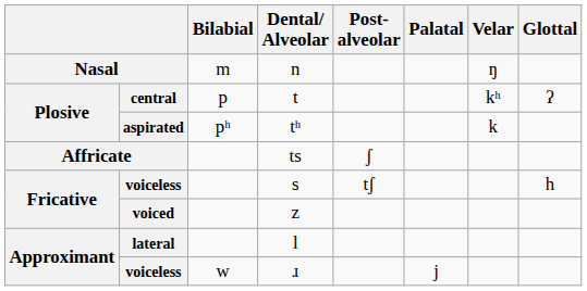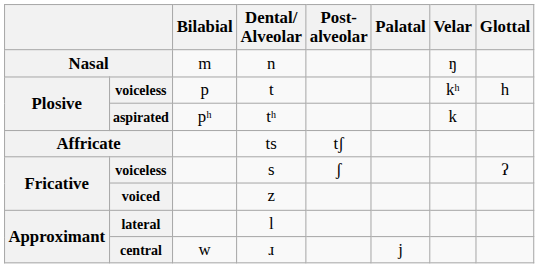 <table class="wikitable" style="text-align: center;">
 <tr>
 <th colspan="2"></th>
 <th>Bilabial</th>
 <th>Dental/<br>Alveolar</th>
 <th>Post-<br>alveolar</th>
 <th>Palatal</th>
 <th>Velar</th>
 <th>Glottal</th>
 </tr>
 <tr>
 <th colspan="2">Nasal</th>
 <td>m</td>
 <td>n</td>
 <td></td>
 <td></td>
 <td>ŋ</td>
 <td></td>
 </tr>
 <tr>
 <th rowspan="2">Plosive</th>
-<th><small>central</small></th>
+<th><small>voiceless</small></th>
 <td>p</td>
 <td>t</td>
 <td></td>
 <td></td>
 <td>kʰ</td>
-<td>ʔ</td>
+<td>h</td>
 </tr>
 <tr>
 <th><small>aspirated</small></th>
 <td>pʰ</td>
 <td>tʰ</td>
 <td></td>
 <td></td>
 <td>k</td>
 <td></td>
 </tr>
 <tr>
 <th colspan="2">Affricate</th>
 <td></td>
 <td>ts</td>
-<td>ʃ</td>
+<td>tʃ</td>
 <td></td>
 <td></td>
 <td></td>
 </tr>
 <tr>
 <th rowspan="2">Fricative</th>
 <th><small>voiceless</small></th>
 <td></td>
 <td>s</td>
-<td>tʃ</td>
+<td>ʃ</td>
 <td></td>
 <td></td>
-<td>h</td>
+<td>ʔ</td>
 </tr>
 <tr>
 <th><small>voiced</small></th>
 <td></td>
 <td>z</td>
 <td></td>
 <td></td>
 <td></td>
 <td></td>
 </tr>
 <tr>
 <th rowspan="2">Approximant</th>
 <th><small>lateral</small></th>
 <td></td>
 <td>l</td>
 <td></td>
 <td></td>
 <td></td>
 <td></td>
 </tr>
 <tr>
-<th><small>voiceless</small></th>
+<th><small>central</small></th>
 <td>w</td>
 <td>ɹ</td>
 <td></td>
 <td>j</td>
 <td></td>
 <td></td>
 </tr>
 </table>
